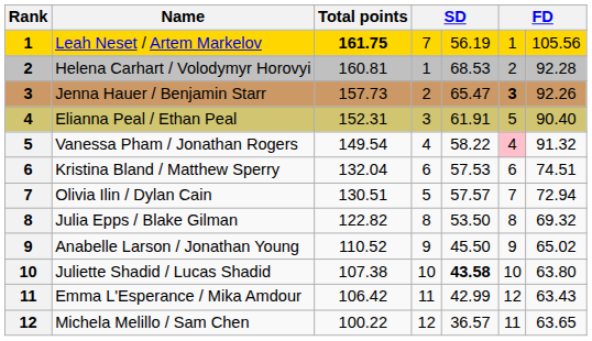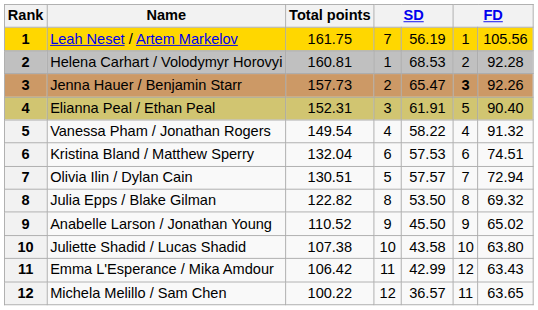 <table class="wikitable sortable">
 <tr>
 <th>Rank</th>
 <th>Name</th>
 <th>Total points</th>
 <th colspan="2" width="80px"><a href='#'>SD</a></th>
 <th colspan="2" width="80px"><a href='#'>FD</a></th>
 </tr>
 <tr bgcolor="gold">
 <td align="center"><strong>1</strong></td>
 <td><a href='#'>Leah Neset</a> / <a href='#'>Artem Markelov</a></td>
-<td align="center"><strong>161.75</strong></td>
+<td align="center">161.75</td>
 <td align="center">7</td>
 <td align="center">56.19</td>
 <td align="center">1</td>
 <td align="center">105.56</td>
 </tr>
 <tr bgcolor="silver">
 <td align="center"><strong>2</strong></td>
 <td>Helena Carhart / Volodymyr Horovyi</td>
 <td align="center">160.81</td>
 <td align="center">1</td>
 <td align="center">68.53</td>
 <td align="center">2</td>
 <td align="center">92.28</td>
 </tr>
 <tr bgcolor="cc9966">
 <td align="center"><strong>3</strong></td>
 <td>Jenna Hauer / Benjamin Starr</td>
 <td align="center">157.73</td>
 <td align="center">2</td>
 <td align="center">65.47</td>
 <td align="center"><strong>3</strong></td>
 <td align="center">92.26</td>
 </tr>
 <tr bgcolor="#d1c571">
 <td align="center"><strong>4</strong></td>
 <td>Elianna Peal / Ethan Peal</td>
 <td align="center">152.31</td>
 <td align="center">3</td>
 <td align="center">61.91</td>
 <td align="center">5</td>
 <td align="center">90.40</td>
 </tr>
 <tr>
 <th>5</th>
 <td>Vanessa Pham / Jonathan Rogers</td>
 <td align="center">149.54</td>
 <td align="center">4</td>
 <td align="center">58.22</td>
-<td align="center" style="background: pink;">4</td>
+<td align="center">4</td>
 <td align="center">91.32</td>
 </tr>
 <tr>
 <th>6</th>
 <td>Kristina Bland / Matthew Sperry</td>
 <td align="center">132.04</td>
 <td align="center">6</td>
 <td align="center">57.53</td>
 <td align="center">6</td>
 <td align="center">74.51</td>
 </tr>
 <tr>
 <th>7</th>
 <td>Olivia Ilin / Dylan Cain</td>
 <td align="center">130.51</td>
 <td align="center">5</td>
 <td align="center">57.57</td>
 <td align="center">7</td>
 <td align="center">72.94</td>
 </tr>
 <tr>
 <th>8</th>
 <td>Julia Epps / Blake Gilman</td>
 <td align="center">122.82</td>
 <td align="center">8</td>
 <td align="center">53.50</td>
 <td align="center">8</td>
 <td align="center">69.32</td>
 </tr>
 <tr>
 <th>9</th>
 <td>Anabelle Larson / Jonathan Young</td>
 <td align="center">110.52</td>
 <td align="center">9</td>
 <td align="center">45.50</td>
 <td align="center">9</td>
 <td align="center">65.02</td>
 </tr>
 <tr>
 <th>10</th>
 <td>Juliette Shadid / Lucas Shadid</td>
 <td align="center">107.38</td>
 <td align="center">10</td>
-<td align="center"><strong>43.58</strong></td>
+<td align="center">43.58</td>
 <td align="center">10</td>
 <td align="center">63.80</td>
 </tr>
 <tr>
 <th>11</th>
 <td>Emma L'Esperance / Mika Amdour</td>
 <td align="center">106.42</td>
 <td align="center">11</td>
 <td align="center">42.99</td>
 <td align="center">12</td>
 <td align="center">63.43</td>
 </tr>
 <tr>
 <th>12</th>
 <td>Michela Melillo / Sam Chen</td>
 <td align="center">100.22</td>
 <td align="center">12</td>
 <td align="center">36.57</td>
 <td align="center">11</td>
 <td align="center">63.65</td>
 </tr>
 </table>
